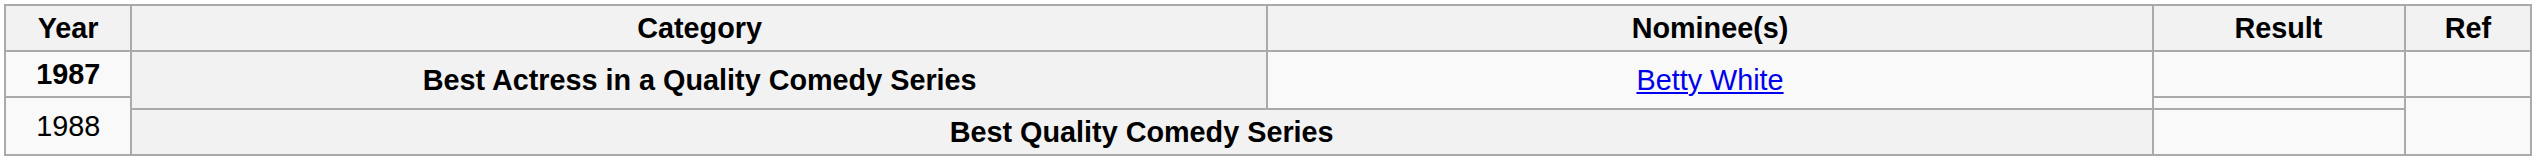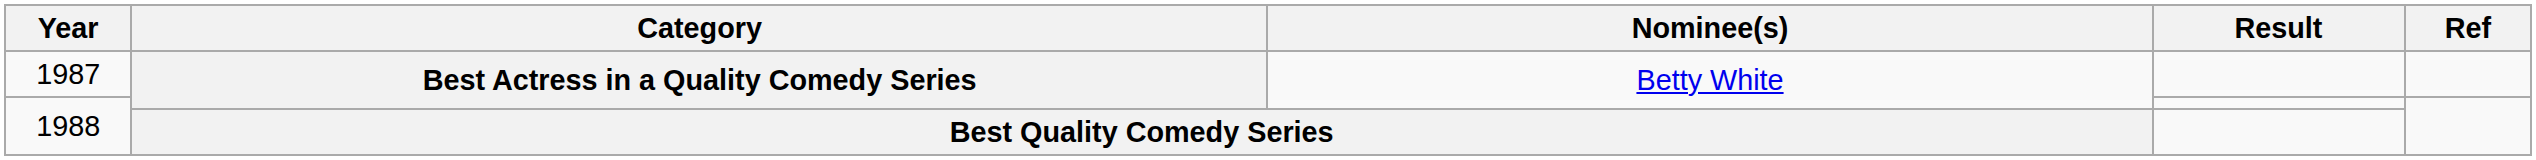 <table class="wikitable plainrowheaders" style="font-size: 90%; text-align:center" width=100%>
 <tr>
 <th scope="col" width="5%">Year</th>
 <th scope="col" width="45%">Category</th>
 <th scope="col" width="35%">Nominee(s)</th>
 <th scope="col" width="10%">Result</th>
 <th scope="col" width="5%">Ref</th>
 </tr>
 <tr>
-<td><strong>1987</strong></td>
+<td>1987</td>
 <th scope="row" style="text-align:center" rowspan=2>Best Actress in a Quality Comedy Series</th>
 <td rowspan=2><a href='#'>Betty White</a></td>
 <td></td>
 <td></td>
 </tr>
 <tr>
 <td rowspan="2">1988</td>
 <td></td>
 <td rowspan="2"></td>
 </tr>
 <tr>
 <th scope="row" style="text-align:center" colspan="2">Best Quality Comedy Series</th>
 <td></td>
 </tr>
 </table>
